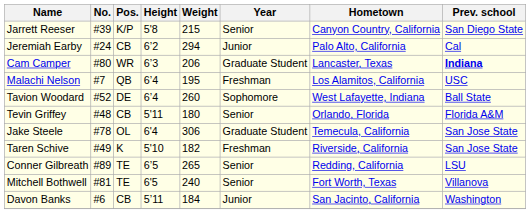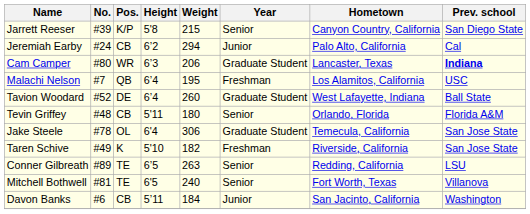 <table class="wikitable sortable mw-collapsible mw-collapsed">
 <tr>
 <th>Name</th>
 <th>No.</th>
 <th>Pos.</th>
 <th>Height</th>
 <th>Weight</th>
 <th>Year</th>
 <th>Hometown</th>
 <th class="unsortable">Prev. school</th>
 </tr>
 <tr style="background:#FFFFE6;">
 <td>Jarrett Reeser</td>
 <td>#39</td>
 <td>K/P</td>
 <td>5'8</td>
 <td>215</td>
 <td>Senior</td>
 <td><a href='#'>Canyon Country, California</a></td>
 <td><a href='#'>San Diego State</a></td>
 </tr>
 <tr style="background:#FFFFE6;">
 <td>Jeremiah Earby</td>
 <td>#24</td>
 <td>CB</td>
 <td>6’2</td>
 <td>294</td>
 <td>Junior</td>
 <td><a href='#'>Palo Alto, California</a></td>
 <td><a href='#'>Cal</a></td>
 </tr>
 <tr style="background:#FFFFE6;">
 <td><a href='#'>Cam Camper</a></td>
 <td>#80</td>
 <td>WR</td>
 <td>6’3</td>
 <td>206</td>
 <td>Graduate Student</td>
 <td><a href='#'>Lancaster, Texas</a></td>
 <td><strong><a href='#'>Indiana</a></strong></td>
 </tr>
 <tr style="background:#FFFFE6;">
 <td><a href='#'>Malachi Nelson</a></td>
 <td>#7</td>
 <td>QB</td>
 <td>6’4</td>
 <td>195</td>
 <td> Freshman</td>
 <td><a href='#'>Los Alamitos, California</a></td>
 <td><a href='#'>USC</a></td>
 </tr>
 <tr style="background:#FFFFE6;">
 <td>Tavion Woodard</td>
 <td>#52</td>
 <td>DE</td>
 <td>6’4</td>
 <td>260</td>
-<td> Sophomore</td>
+<td>Graduate Student</td>
 <td><a href='#'>West Lafayette, Indiana</a></td>
 <td><a href='#'>Ball State</a></td>
 </tr>
 <tr style="background:#FFFFE6;">
 <td>Tevin Griffey</td>
 <td>#48</td>
 <td>CB</td>
 <td>5'11</td>
 <td>180</td>
 <td> Senior</td>
 <td><a href='#'>Orlando, Florida</a></td>
 <td><a href='#'>Florida A&M</a></td>
 </tr>
 <tr style="background:#FFFFE6;">
 <td>Jake Steele</td>
 <td>#78</td>
 <td>OL</td>
 <td>6'4</td>
 <td>306</td>
 <td>Graduate Student</td>
 <td><a href='#'>Temecula, California</a></td>
 <td><a href='#'>San Jose State</a></td>
 </tr>
 <tr style="background:#FFFFE6;">
 <td>Taren Schive</td>
 <td>#49</td>
 <td>K</td>
 <td>5'10</td>
 <td>182</td>
 <td> Freshman</td>
 <td><a href='#'>Riverside, California</a></td>
 <td><a href='#'>San Jose State</a></td>
 </tr>
 <tr style="background:#FFFFE6;">
 <td>Conner Gilbreath</td>
 <td>#89</td>
 <td>TE</td>
 <td>6’5</td>
-<td>265</td>
+<td>263</td>
 <td>Senior</td>
 <td><a href='#'>Redding, California</a></td>
 <td><a href='#'>LSU</a></td>
 </tr>
 <tr style="background:#FFFFE6;">
 <td>Mitchell Bothwell</td>
 <td>#81</td>
 <td>TE</td>
 <td>6'5</td>
 <td>240</td>
 <td>Senior</td>
 <td><a href='#'>Fort Worth, Texas</a></td>
 <td><a href='#'>Villanova</a></td>
 </tr>
 <tr style="background:#FFFFE6;">
 <td>Davon Banks</td>
 <td>#6</td>
 <td>CB</td>
 <td>5’11</td>
 <td>184</td>
 <td>Junior</td>
 <td><a href='#'>San Jacinto, California</a></td>
 <td><a href='#'>Washington</a></td>
 </tr>
 <tr style="background:#FFFFE6;">
 </tr>
 </table>
